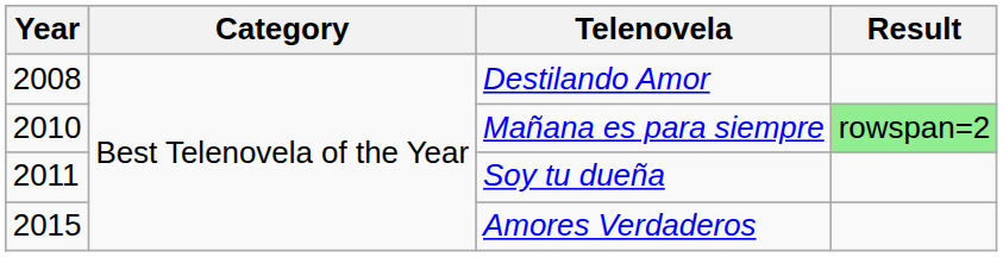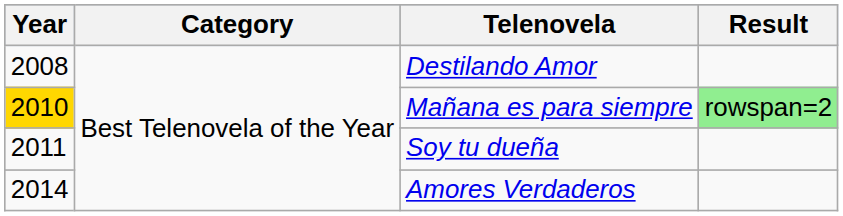 <table class="wikitable">
 <tr style="background:#b0c4de;">
 <th>Year</th>
 <th>Category</th>
 <th>Telenovela</th>
 <th>Result</th>
 </tr>
 <tr>
 <td>2008</td>
 <td rowspan=4>Best Telenovela of the Year</td>
 <td><em><a href='#'>Destilando Amor</a></em></td>
 <td></td>
 </tr>
 <tr>
-<td>2010</td>
+<td style="background: gold;">2010</td>
 <td><em><a href='#'>Mañana es para siempre</a></em></td>
 <td style="background: lightgreen;">rowspan=2 </td>
 </tr>
 <tr>
 <td>2011</td>
 <td><em><a href='#'>Soy tu dueña</a></em></td>
 </tr>
 <tr>
-<td>2015</td>
+<td>2014</td>
 <td><em><a href='#'>Amores Verdaderos</a></em></td>
 <td></td>
 </tr>
 </table>
